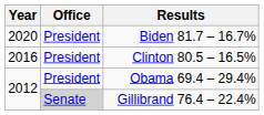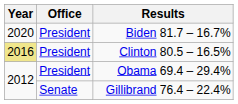 <table class=wikitable>
 <tr>
 <th width="30">Year</th>
 <th width="60">Office</th>
 <th width="180">Results</th>
 </tr>
 <tr>
 <td>2020</td>
 <td><a href='#'>President</a></td>
 <td align="right" ><a href='#'>Biden</a> 81.7 – 16.7%</td>
 </tr>
 <tr>
-<td>2016</td>
+<td style="background: khaki;">2016</td>
 <td><a href='#'>President</a></td>
 <td align="right" ><a href='#'>Clinton</a> 80.5 – 16.5%</td>
 </tr>
 <tr>
 <td rowspan="2">2012</td>
 <td><a href='#'>President</a></td>
 <td align="right" ><a href='#'>Obama</a> 69.4 – 29.4%</td>
 </tr>
 <tr>
-<td style="background: lightgrey;"><a href='#'>Senate</a></td>
+<td><a href='#'>Senate</a></td>
 <td align="right" ><a href='#'>Gillibrand</a> 76.4 – 22.4%</td>
 </tr>
 </table>
